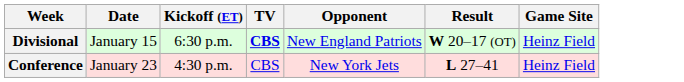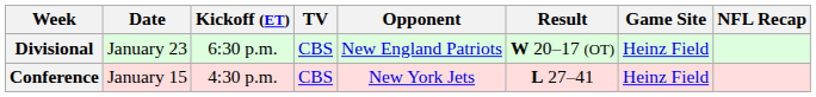 <table class="wikitable" style="text-align:center;">
 <tr>
 <th>Week</th>
 <th>Date</th>
 <th>Kickoff <small>(<a href='#'>ET</a>)</small></th>
 <th>TV</th>
 <th>Opponent</th>
 <th>Result</th>
 <th>Game Site</th>
+<th>NFL Recap</th>
 </tr>
 <tr style="background: #ddffdd;">
 <th>Divisional</th>
-<td>January 15</td>
+<td>January 23</td>
 <td>6:30 p.m.</td>
-<td><strong><a href='#'>CBS</a></strong></td>
+<td><a href='#'>CBS</a></td>
 <td><a href='#'>New England Patriots</a></td>
 <td><strong>W</strong> 20–17 <small>(OT)</small></td>
 <td><a href='#'>Heinz Field</a></td>
+<td></td>
 </tr>
 <tr style="background:#ffdddd;">
 <th>Conference</th>
-<td>January 23</td>
+<td>January 15</td>
 <td>4:30 p.m.</td>
 <td><a href='#'>CBS</a></td>
 <td><a href='#'>New York Jets</a></td>
 <td><strong>L</strong> 27–41</td>
 <td><a href='#'>Heinz Field</a></td>
+<td></td>
 </tr>
 </table>
